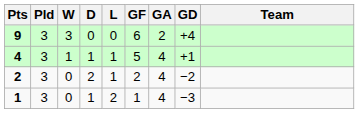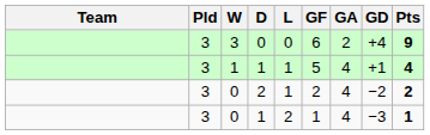 <table class="wikitable" style="text-align:center;">
 <tr>
-<th width=20>Pts</th>
+<th width=180>Team</th>
 <th width=20>Pld</th>
 <th width=20>W</th>
 <th width=20>D</th>
 <th width=20>L</th>
 <th width=20>GF</th>
 <th width=20>GA</th>
 <th width=20>GD</th>
-<th width=180>Team</th>
+<th width=20>Pts</th>
 </tr>
 <tr bgcolor="#ccffcc">
-<td><strong>9</strong></td>
+<td align="left"></td>
 <td>3</td>
 <td>3</td>
 <td>0</td>
 <td>0</td>
 <td>6</td>
 <td>2</td>
 <td>+4</td>
-<td align="left"></td>
+<td><strong>9</strong></td>
 </tr>
 <tr bgcolor="#ccffcc">
-<td><strong>4</strong></td>
+<td align="left"></td>
 <td>3</td>
 <td>1</td>
 <td>1</td>
 <td>1</td>
 <td>5</td>
 <td>4</td>
 <td>+1</td>
-<td align="left"></td>
+<td><strong>4</strong></td>
 </tr>
 <tr>
-<td><strong>2</strong></td>
+<td align="left"></td>
 <td>3</td>
 <td>0</td>
 <td>2</td>
 <td>1</td>
 <td>2</td>
 <td>4</td>
 <td>−2</td>
-<td align="left"></td>
+<td><strong>2</strong></td>
 </tr>
 <tr>
-<td><strong>1</strong></td>
+<td align="left"></td>
 <td>3</td>
 <td>0</td>
 <td>1</td>
 <td>2</td>
 <td>1</td>
 <td>4</td>
 <td>−3</td>
-<td align="left"></td>
+<td><strong>1</strong></td>
 </tr>
 </table>
